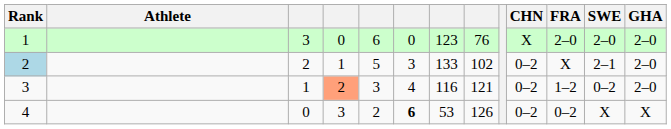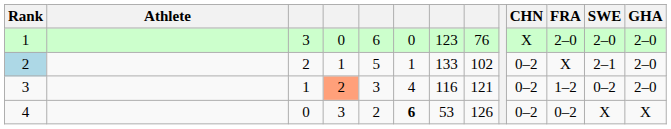 <table class="wikitable" style="text-align:center">
 <tr>
 <th>Rank</th>
 <th width=250>Athlete</th>
 <th width=30></th>
 <th width=30></th>
 <th width=30></th>
 <th width=30></th>
 <th width=30></th>
 <th width=30></th>
 <th rowspan=5></th>
 <th width=30>CHN</th>
 <th width=30>FRA</th>
 <th width=30>SWE</th>
 <th width=30>GHA</th>
 </tr>
 <tr style="background-color:#ccffcc;">
 <td>1</td>
 <td align=left></td>
 <td>3</td>
 <td>0</td>
 <td>6</td>
 <td>0</td>
 <td>123</td>
 <td>76</td>
 <td>X</td>
 <td>2–0</td>
 <td>2–0</td>
 <td>2–0</td>
 </tr>
 <tr>
 <td style="background: lightblue;">2</td>
 <td align=left></td>
 <td>2</td>
 <td>1</td>
 <td>5</td>
-<td>3</td>
+<td>1</td>
 <td>133</td>
 <td>102</td>
 <td>0–2</td>
 <td>X</td>
 <td>2–1</td>
 <td>2–0</td>
 </tr>
 <tr>
 <td>3</td>
 <td align=left></td>
 <td>1</td>
 <td style="background: lightsalmon;">2</td>
 <td>3</td>
 <td>4</td>
 <td>116</td>
 <td>121</td>
 <td>0–2</td>
 <td>1–2</td>
 <td>0–2</td>
 <td>2–0</td>
 </tr>
 <tr>
 <td>4</td>
 <td align=left></td>
 <td>0</td>
 <td>3</td>
 <td>2</td>
 <td><strong>6</strong></td>
 <td>53</td>
 <td>126</td>
 <td>0–2</td>
 <td>0–2</td>
 <td>X</td>
 <td>X</td>
 </tr>
 </table>
